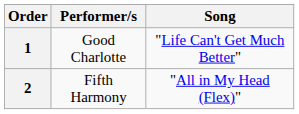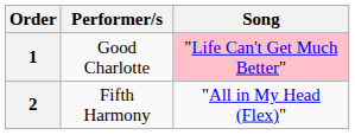 <table class="wikitable" style="text-align:center; width:50%;">
 <tr>
 </tr>
 <tr>
 <th>Order</th>
 <th>Performer/s</th>
 <th>Song</th>
 </tr>
 <tr>
 <th>1</th>
 <td>Good Charlotte</td>
-<td>"<a href='#'>Life Can't Get Much Better</a>"</td>
+<td style="background: pink;">"<a href='#'>Life Can't Get Much Better</a>"</td>
 </tr>
 <tr>
 <th>2</th>
 <td>Fifth Harmony</td>
 <td>"<a href='#'>All in My Head (Flex)</a>"</td>
 </tr>
 </table>
